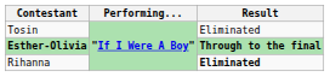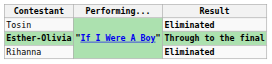 <table class="wikitable">
 <tr>
 <th>Contestant</th>
 <th>Performing...</th>
 <th>Result</th>
 </tr>
 <tr>
 <td>Tosin</td>
 <td style="background:#ACE1AF;"rowspan="3"><strong>"<a href='#'>If I Were A Boy</a>"</strong></td>
-<td>Eliminated</td>
+<td><strong>Eliminated</strong></td>
 </tr>
 <tr>
 <td style="background:#ACE1AF;"><strong>Esther-Olivia</strong></td>
 <td style="background:#ACE1AF;"><strong>Through to the final</strong></td>
 </tr>
 <tr>
 <td>Rihanna</td>
 <td><strong>Eliminated</strong></td>
 </tr>
 </table>
